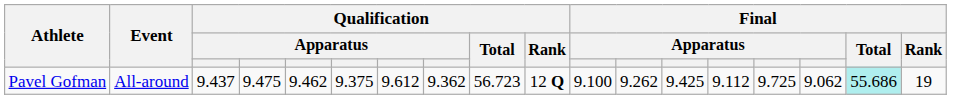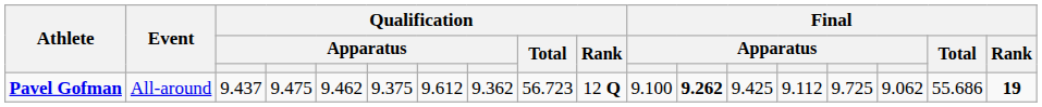 <table class="wikitable" style="font-size:90%">
 <tr>
 <th rowspan=3>Athlete</th>
 <th rowspan=3>Event</th>
 <th colspan =8>Qualification</th>
 <th colspan =8>Final</th>
 </tr>
 <tr style="font-size:95%">
 <th colspan=6>Apparatus</th>
 <th rowspan=2>Total</th>
 <th rowspan=2>Rank</th>
 <th colspan=6>Apparatus</th>
 <th rowspan=2>Total</th>
 <th rowspan=2>Rank</th>
 </tr>
 <tr style="font-size:95%">
 <th></th>
 <th></th>
 <th></th>
 <th></th>
 <th></th>
 <th></th>
 <th></th>
 <th></th>
 <th></th>
 <th></th>
 <th></th>
 <th></th>
 </tr>
 <tr align=center>
-<td align=left><a href='#'>Pavel Gofman</a></td>
+<td align=left><strong><a href='#'>Pavel Gofman</a></strong></td>
 <td align=left><a href='#'>All-around</a></td>
 <td>9.437</td>
 <td>9.475</td>
 <td>9.462</td>
 <td>9.375</td>
 <td>9.612</td>
 <td>9.362</td>
 <td>56.723</td>
 <td>12 <strong>Q</strong></td>
 <td>9.100</td>
-<td>9.262</td>
+<td><strong>9.262</strong></td>
 <td>9.425</td>
 <td>9.112</td>
 <td>9.725</td>
 <td>9.062</td>
-<td style="background: paleturquoise;">55.686</td>
-<td>19</td>
+<td>55.686</td>
+<td><strong>19</strong></td>
 </tr>
 </table>
